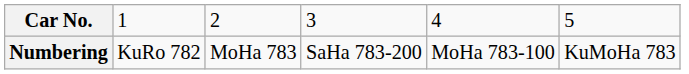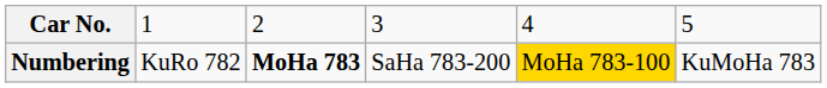 <table class="wikitable">
 <tr>
 <th>Car No.</th>
 <td>1</td>
 <td>2</td>
 <td>3</td>
 <td>4</td>
 <td>5</td>
 </tr>
 <tr>
 <th>Numbering</th>
 <td>KuRo 782</td>
-<td>MoHa 783</td>
+<td><strong>MoHa 783</strong></td>
 <td>SaHa 783-200</td>
-<td>MoHa 783-100</td>
+<td style="background: gold;">MoHa 783-100</td>
 <td>KuMoHa 783</td>
 </tr>
 </table>
